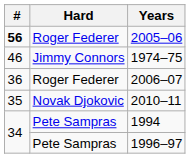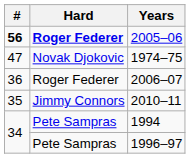 <table class="wikitable" style="display:inline-table; font-size: 88%;">
 <tr>
 <th width=20>#</th>
 <th>Hard</th>
 <th>Years</th>
 </tr>
 <tr>
 <td><strong>56</strong></td>
-<td> <a href='#'>Roger Federer</a></td>
+<td><strong> <a href='#'>Roger Federer</a></strong></td>
 <td><a href='#'>2005–06</a></td>
 </tr>
 <tr>
-<td>46</td>
-<td> <a href='#'>Jimmy Connors</a></td>
+<td>47</td>
+<td> <a href='#'>Novak Djokovic</a></td>
 <td>1974–75</td>
 </tr>
 <tr>
 <td>36</td>
 <td> Roger Federer</td>
 <td>2006–07</td>
 </tr>
 <tr>
 <td>35</td>
-<td> <a href='#'>Novak Djokovic</a></td>
+<td> <a href='#'>Jimmy Connors</a></td>
 <td>2010–11</td>
 </tr>
 <tr>
 <td rowspan=2>34</td>
 <td> <a href='#'>Pete Sampras</a></td>
 <td>1994</td>
 </tr>
 <tr>
 <td> Pete Sampras</td>
 <td>1996–97</td>
 </tr>
 </table>
